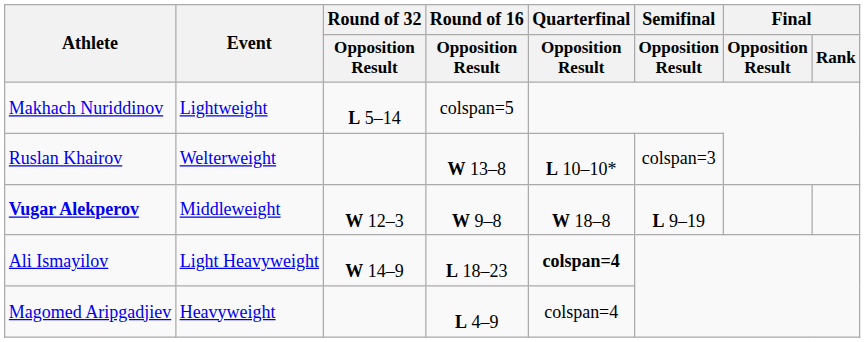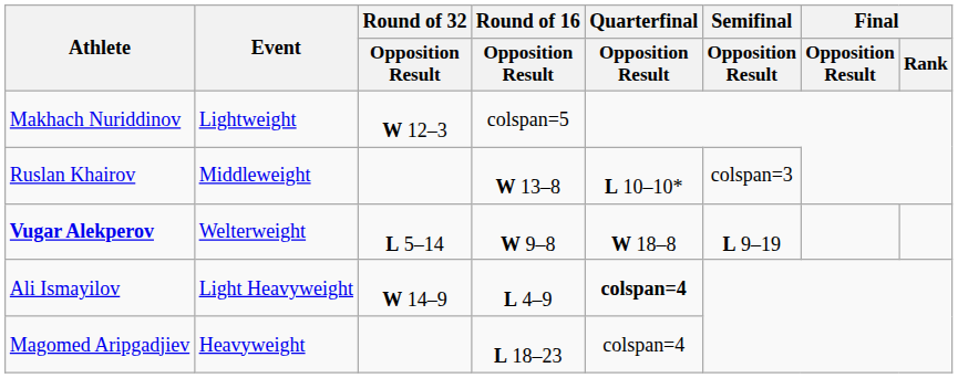 <table class=wikitable style=font-size:90%;text-align:center>
 <tr>
 <th rowspan=2>Athlete</th>
 <th rowspan=2>Event</th>
 <th>Round of 32</th>
 <th>Round of 16</th>
 <th>Quarterfinal</th>
 <th>Semifinal</th>
 <th colspan=2>Final</th>
 </tr>
 <tr style=font-size:95%>
 <th>Opposition<br>Result</th>
 <th>Opposition<br>Result</th>
 <th>Opposition<br>Result</th>
 <th>Opposition<br>Result</th>
 <th>Opposition<br>Result</th>
 <th>Rank</th>
 </tr>
 <tr>
 <td align=left><a href='#'>Makhach Nuriddinov</a></td>
 <td align=left><a href='#'>Lightweight</a></td>
-<td><br><strong>L</strong> 5–14</td>
+<td><br><strong>W</strong> 12–3</td>
 <td>colspan=5 </td>
 </tr>
 <tr>
 <td align=left><a href='#'>Ruslan Khairov</a></td>
-<td align=left><a href='#'>Welterweight</a></td>
+<td align=left><a href='#'>Middleweight</a></td>
 <td></td>
 <td><br><strong>W</strong> 13–8</td>
 <td><br><strong>L</strong> 10–10*</td>
 <td>colspan=3 </td>
 </tr>
 <tr>
 <td align=left><strong><a href='#'>Vugar Alekperov</a></strong></td>
-<td align=left><a href='#'>Middleweight</a></td>
-<td><br><strong>W</strong> 12–3</td>
+<td align=left><a href='#'>Welterweight</a></td>
+<td><br><strong>L</strong> 5–14</td>
 <td><br><strong>W</strong> 9–8</td>
 <td><br><strong>W</strong> 18–8</td>
 <td><br><strong>L</strong> 9–19</td>
 <td></td>
 <td></td>
 </tr>
 <tr>
 <td align=left><a href='#'>Ali Ismayilov</a></td>
 <td align=left><a href='#'>Light Heavyweight</a></td>
 <td><br><strong>W</strong> 14–9</td>
-<td><br><strong>L</strong> 18–23</td>
+<td><br><strong>L</strong> 4–9</td>
 <td><strong>colspan=4 </strong></td>
 </tr>
 <tr>
 <td align=left><a href='#'>Magomed Aripgadjiev</a></td>
 <td align=left><a href='#'>Heavyweight</a></td>
 <td></td>
-<td><br><strong>L</strong> 4–9</td>
+<td><br><strong>L</strong> 18–23</td>
 <td>colspan=4 </td>
 </tr>
 </table>
